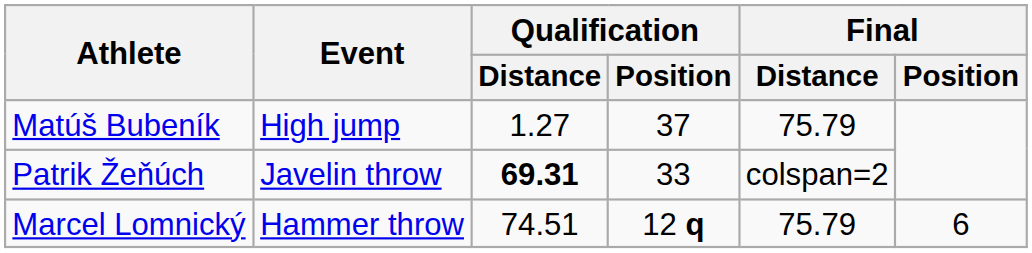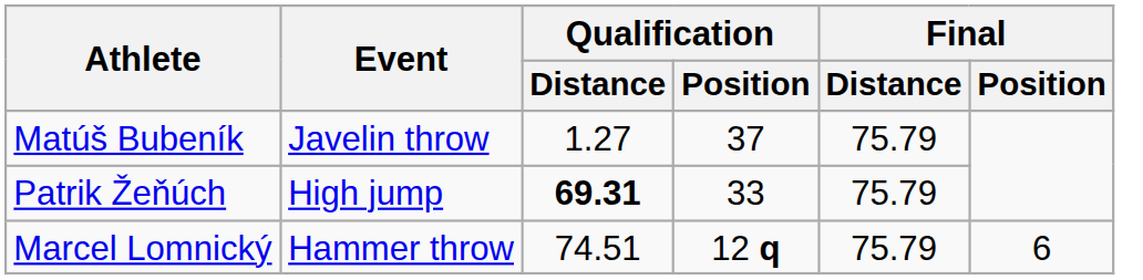 <table class=wikitable style="font-size:90%">
 <tr>
 <th rowspan="2">Athlete</th>
 <th rowspan="2">Event</th>
 <th colspan="2">Qualification</th>
 <th colspan="2">Final</th>
 </tr>
 <tr style="font-size:95%">
 <th>Distance</th>
 <th>Position</th>
 <th>Distance</th>
 <th>Position</th>
 </tr>
 <tr style=text-align:center>
 <td style=text-align:left><a href='#'>Matúš Bubeník</a></td>
-<td style=text-align:left><a href='#'>High jump</a></td>
+<td style=text-align:left><a href='#'>Javelin throw</a></td>
 <td>1.27</td>
 <td>37</td>
 <td>75.79</td>
 </tr>
 <tr style=text-align:center>
 <td style=text-align:left><a href='#'>Patrik Žeňúch</a></td>
-<td style=text-align:left><a href='#'>Javelin throw</a></td>
+<td style=text-align:left><a href='#'>High jump</a></td>
 <td><strong>69.31</strong></td>
 <td>33</td>
-<td>colspan=2 </td>
+<td>75.79</td>
 </tr>
 <tr style=text-align:center>
 <td style=text-align:left><a href='#'>Marcel Lomnický</a></td>
 <td style=text-align:left><a href='#'>Hammer throw</a></td>
 <td>74.51</td>
 <td>12 <strong>q</strong></td>
 <td>75.79</td>
 <td>6</td>
 </tr>
 </table>
